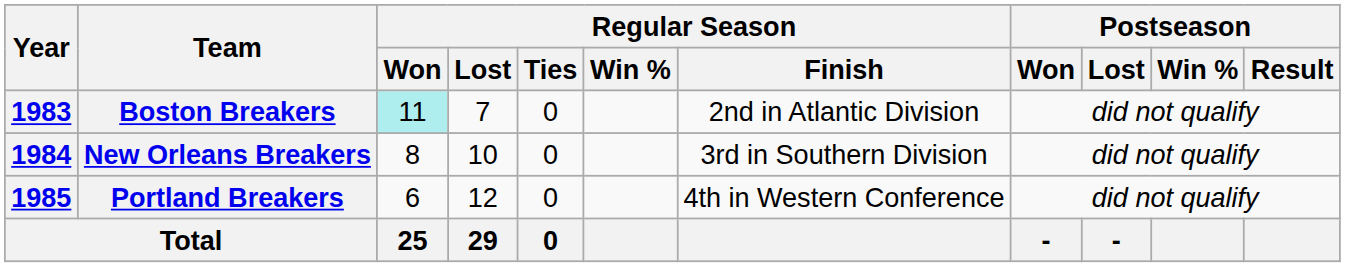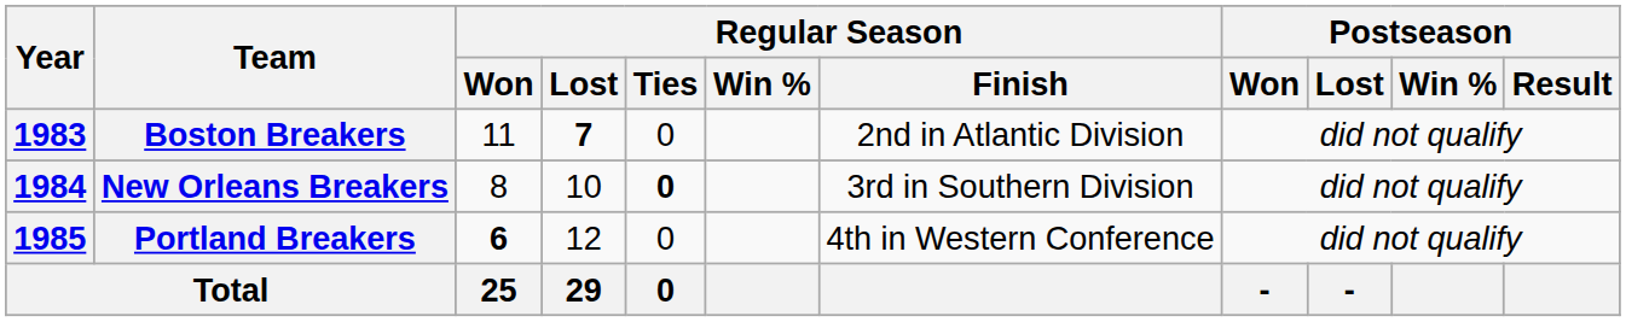 <table class="wikitable" style="font-size: 95%; text-align:center;">
 <tr>
 <th rowspan="2">Year</th>
 <th rowspan="2">Team</th>
 <th colspan="5">Regular Season</th>
 <th colspan="4">Postseason</th>
 </tr>
 <tr>
 <th>Won</th>
 <th>Lost</th>
 <th>Ties</th>
 <th>Win %</th>
 <th>Finish</th>
 <th>Won</th>
 <th>Lost</th>
 <th>Win %</th>
 <th>Result</th>
 </tr>
 <tr>
 <th><a href='#'>1983</a></th>
 <th><a href='#'>Boston Breakers</a></th>
-<td style="background: paleturquoise;">11</td>
-<td>7</td>
+<td>11</td>
+<td><strong>7</strong></td>
 <td>0</td>
 <td></td>
 <td>2nd in Atlantic Division</td>
 <td colspan="4"><em>did not qualify</em></td>
 </tr>
 <tr>
 <th><a href='#'>1984</a></th>
 <th><a href='#'>New Orleans Breakers</a></th>
 <td>8</td>
 <td>10</td>
-<td>0</td>
+<td><strong>0</strong></td>
 <td></td>
 <td>3rd in Southern Division</td>
 <td colspan="4"><em>did not qualify</em></td>
 </tr>
 <tr>
 <th><a href='#'>1985</a></th>
 <th><a href='#'>Portland Breakers</a></th>
-<td>6</td>
+<td><strong>6</strong></td>
 <td>12</td>
 <td>0</td>
 <td></td>
 <td>4th in Western Conference</td>
 <td colspan="4"><em>did not qualify</em></td>
 </tr>
 <tr>
 <th colspan="2">Total</th>
 <th>25</th>
 <th>29</th>
 <th>0</th>
 <th></th>
 <th></th>
 <th>-</th>
 <th>-</th>
 <th></th>
 <th></th>
 </tr>
 </table>
